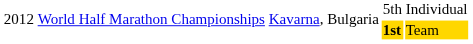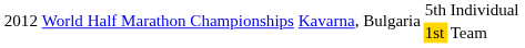 <table>
 <tr>
 <td rowspan=2>2012</td>
 <td rowspan=2><a href='#'>World Half Marathon Championships</a></td>
 <td rowspan=2><a href='#'>Kavarna</a>, Bulgaria</td>
 <td>5th</td>
 <td>Individual</td>
 <td></td>
 </tr>
 <tr>
-<td bgcolor=gold><strong>1st</strong></td>
-<td style="background: gold;">Team</td>
+<td bgcolor=gold>1st</td>
+<td>Team</td>
 <td></td>
 </tr>
 </table>
